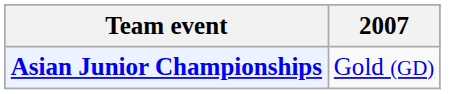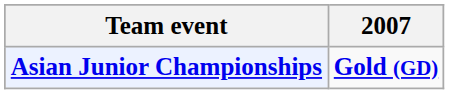 <table class="wikitable" style="font-size: 90%; text-align:center">
 <tr>
 <th>Team event</th>
 <th>2007</th>
 </tr>
 <tr>
 <td bgcolor="#ECF2FF"; align="left"><strong><a href='#'>Asian Junior Championships</a></strong></td>
-<td> <a href='#'>Gold <small>(GD)</small></a></td>
+<td><strong> <a href='#'>Gold <small>(GD)</small></a></strong></td>
 </tr>
 </table>
